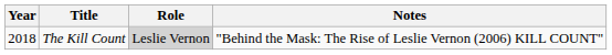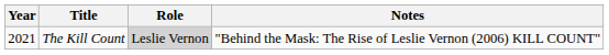 <table class="wikitable">
 <tr>
 <th>Year</th>
 <th>Title</th>
 <th>Role</th>
 <th>Notes</th>
 </tr>
 <tr>
-<td>2018</td>
+<td>2021</td>
 <td><em>The Kill Count</em></td>
 <td style="background: lightgrey;">Leslie Vernon</td>
 <td>"Behind the Mask: The Rise of Leslie Vernon (2006) KILL COUNT"</td>
 </tr>
 </table>
